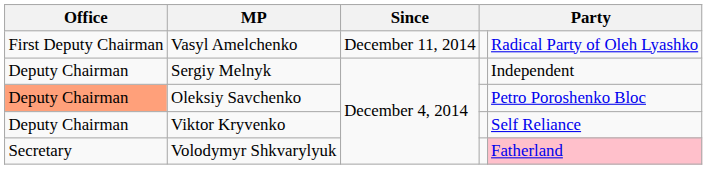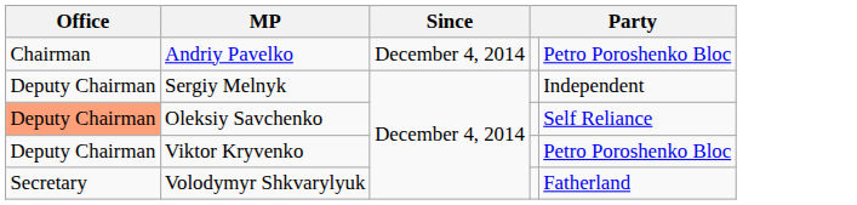 <table class=wikitable>
 <tr>
 <th>Office</th>
 <th>MP</th>
 <th>Since</th>
 <th colspan=2>Party</th>
 </tr>
 <tr>
-<td>First Deputy Chairman</td>
-<td>Vasyl Amelchenko</td>
-<td>December 11, 2014</td>
+<td>Chairman</td>
+<td><a href='#'>Andriy Pavelko</a></td>
+<td>December 4, 2014</td>
 <td style="background-color:"></td>
-<td><a href='#'>Radical Party of Oleh Lyashko</a></td>
+<td><a href='#'>Petro Poroshenko Bloc</a></td>
 </tr>
 <tr>
 <td>Deputy Chairman</td>
 <td>Sergiy Melnyk</td>
 <td rowspan=4>December 4, 2014</td>
 <td style="background-color:"></td>
 <td>Independent</td>
 </tr>
 <tr>
 <td style="background: lightsalmon;">Deputy Chairman</td>
 <td>Oleksiy Savchenko</td>
 <td style="background-color:"></td>
-<td><a href='#'>Petro Poroshenko Bloc</a></td>
+<td><a href='#'>Self Reliance</a></td>
 </tr>
 <tr>
 <td>Deputy Chairman</td>
 <td>Viktor Kryvenko</td>
 <td style="background-color:"></td>
-<td><a href='#'>Self Reliance</a></td>
+<td><a href='#'>Petro Poroshenko Bloc</a></td>
 </tr>
 <tr>
 <td>Secretary</td>
 <td>Volodymyr Shkvarylyuk</td>
 <td style="background-color:"></td>
-<td style="background: pink;"><a href='#'>Fatherland</a></td>
+<td><a href='#'>Fatherland</a></td>
 </tr>
 </table>
